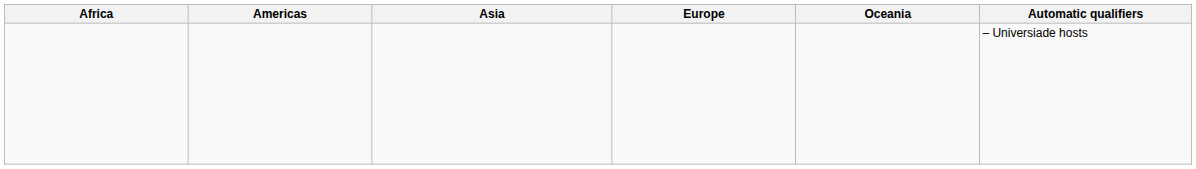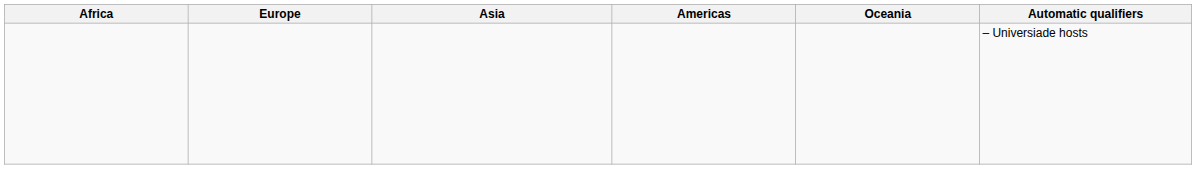 <table class=wikitable width=100%>
 <tr>
 <th width=13%>Africa</th>
+<th width=13%>Europe</th>
+<th width=17%>Asia</th>
 <th width=13%>Americas</th>
-<th width=17%>Asia</th>
-<th width=13%>Europe</th>
 <th width=13%>Oceania</th>
 <th width=15%>Automatic qualifiers</th>
 </tr>
 <tr valign=top>
 <td><br></td>
+<td><br><br><br><br> <br> <br><br>   <br><br>  <br>   </td>
+<td><br><br><br><br> <br> </td>
 <td><br></td>
-<td><br><br><br><br> <br> </td>
-<td><br><br><br><br> <br> <br><br>   <br><br>  <br>   </td>
 <td></td>
 <td>– Universiade hosts</td>
 </tr>
 </table>
